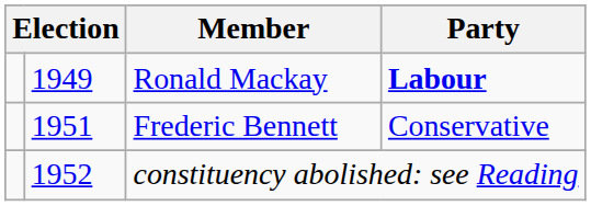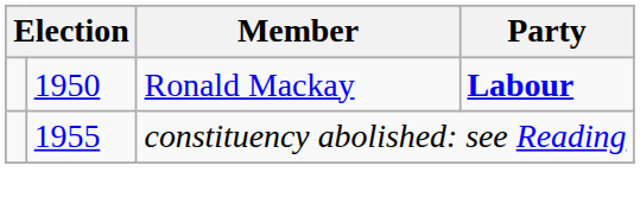 <table class="wikitable">
 <tr>
 <th colspan="2">Election</th>
 <th>Member</th>
 <th>Party</th>
 </tr>
 <tr>
 <td style="color:inherit;background-color: "></td>
-<td><a href='#'>1949</a></td>
+<td><a href='#'>1950</a></td>
 <td><a href='#'>Ronald Mackay</a></td>
 <td><strong><a href='#'>Labour</a></strong></td>
 </tr>
 <tr>
-<td style="color:inherit;background-color: "></td>
-<td><a href='#'>1951</a></td>
-<td><a href='#'>Frederic Bennett</a></td>
-<td><a href='#'>Conservative</a></td>
-</tr>
-<tr>
 <td></td>
-<td><a href='#'>1952</a></td>
+<td><a href='#'>1955</a></td>
 <td colspan="2"><em>constituency abolished: see <a href='#'>Reading</a></em></td>
 </tr>
 </table>
